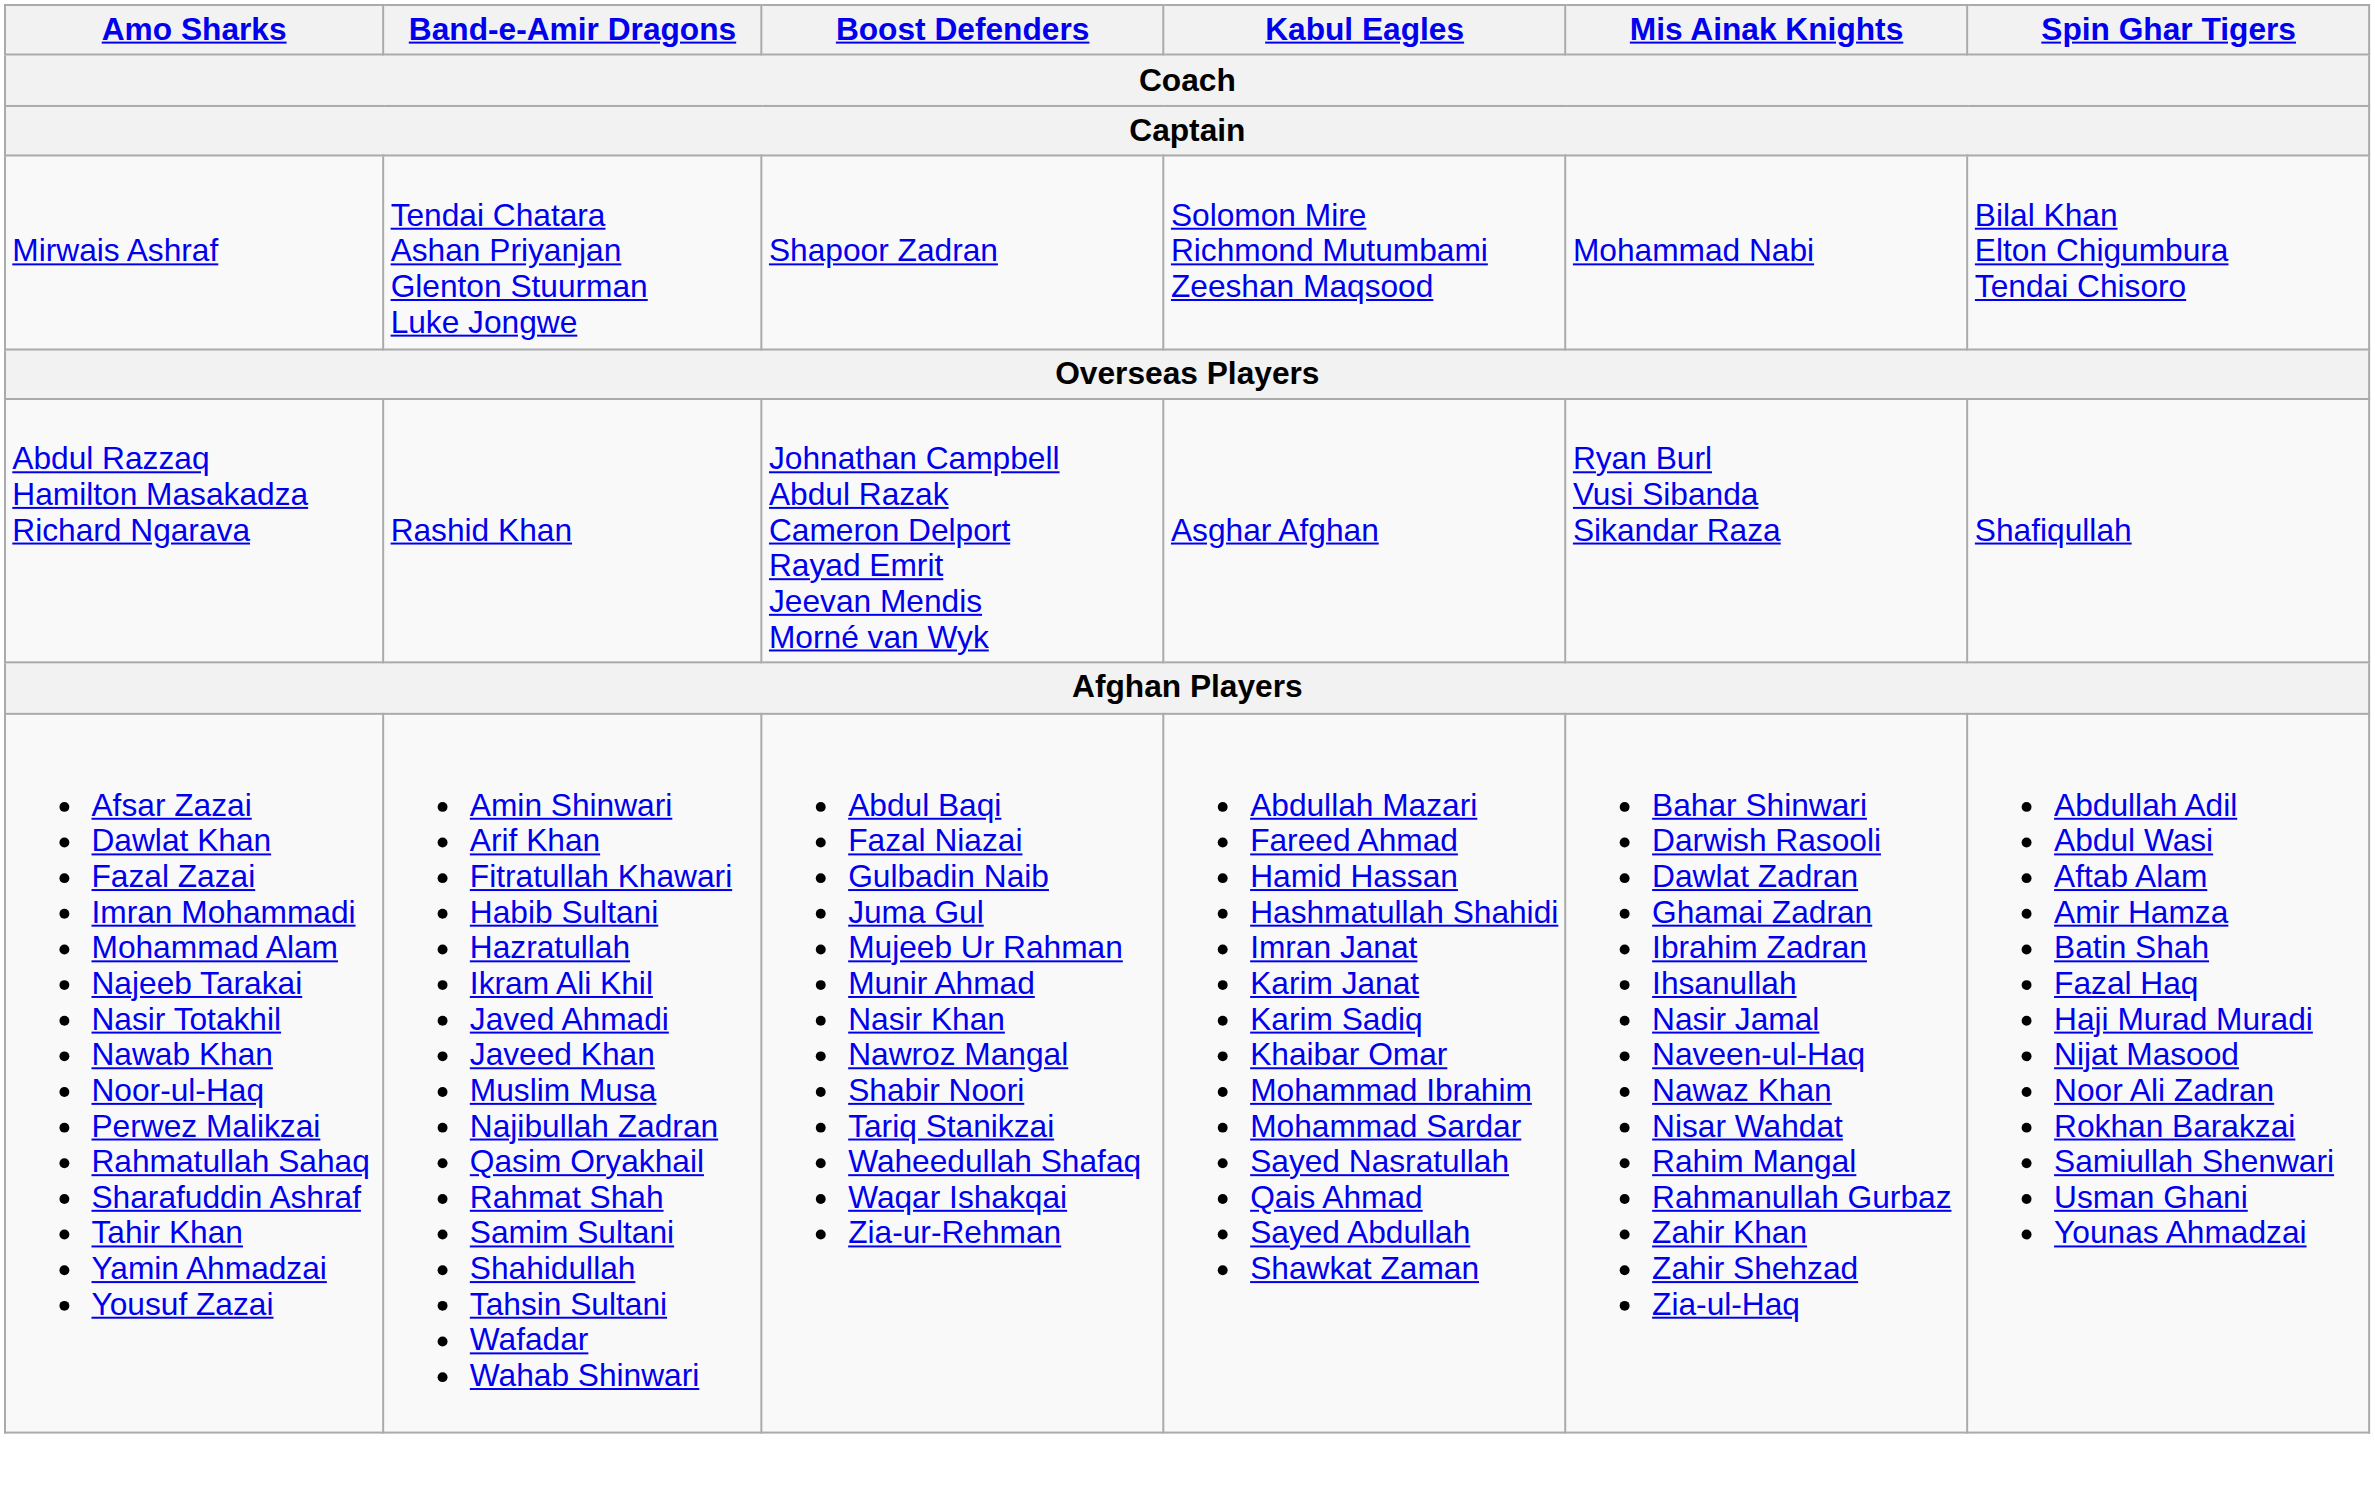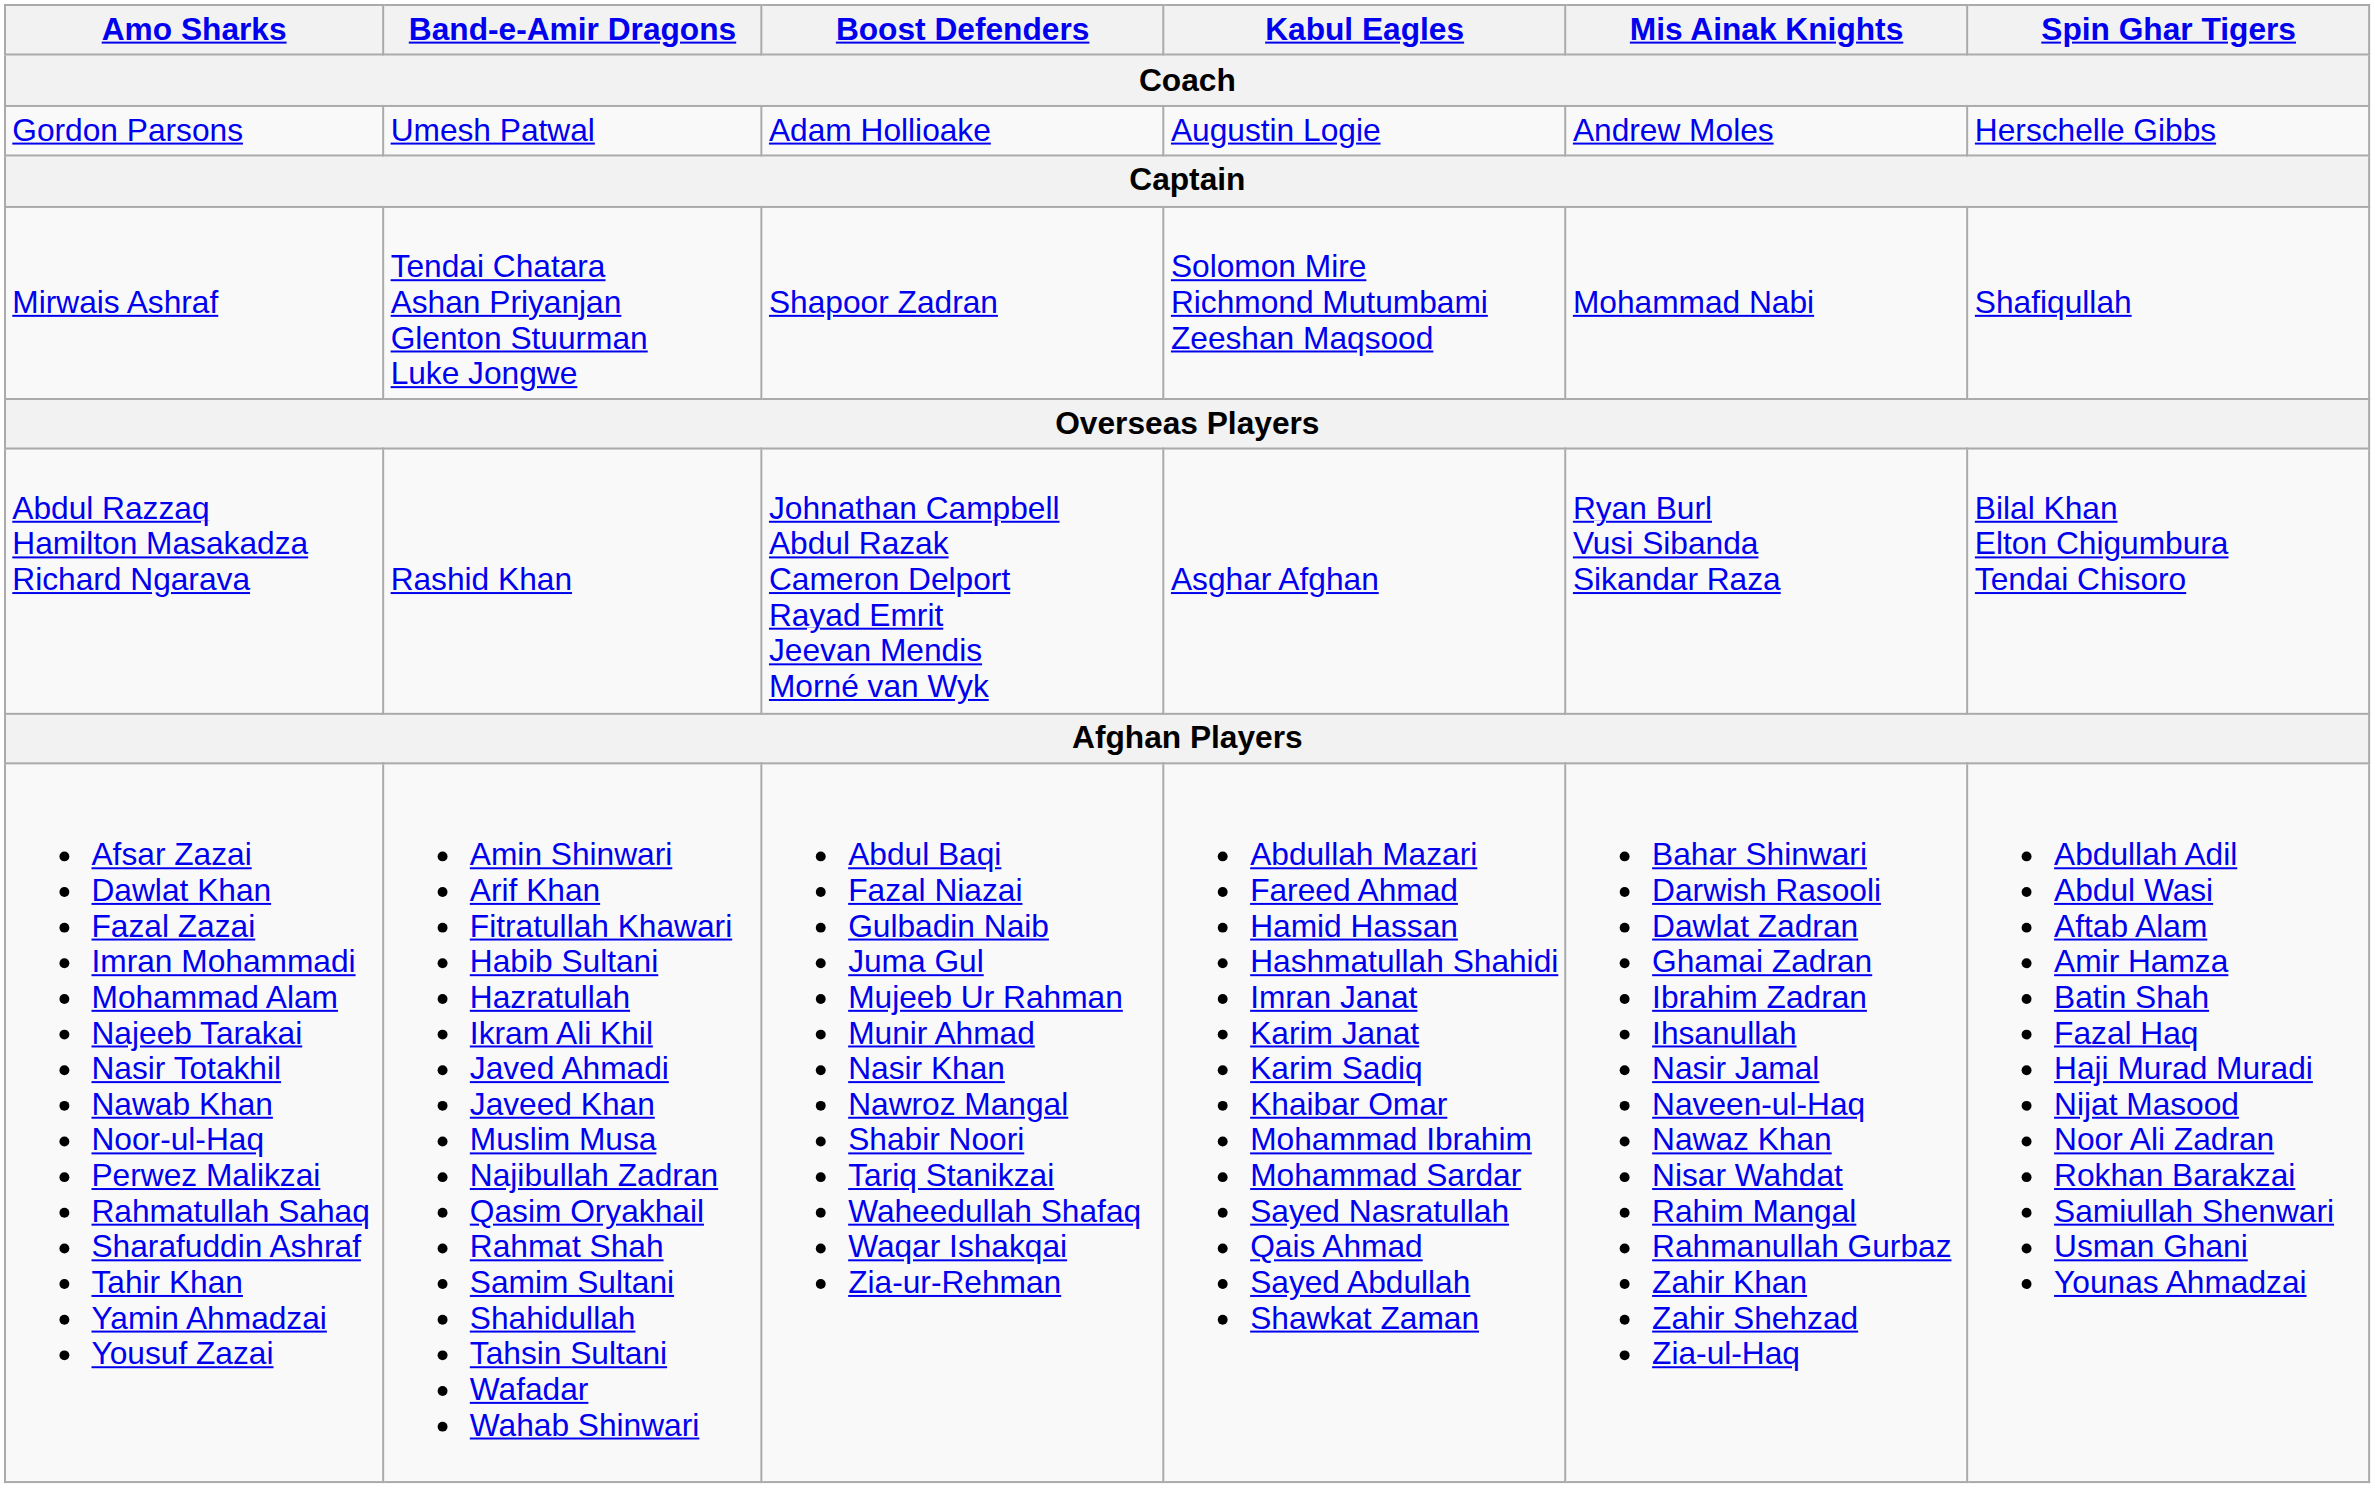 <table class="wikitable">
 <tr>
 <th width=16%><a href='#'>Amo Sharks</a></th>
 <th width=16%><a href='#'>Band-e-Amir Dragons</a></th>
 <th width=17%><a href='#'>Boost Defenders</a></th>
 <th width=17%><a href='#'>Kabul Eagles</a></th>
 <th width=17%><a href='#'>Mis Ainak Knights</a></th>
 <th width=17%><a href='#'>Spin Ghar Tigers</a></th>
 </tr>
 <tr>
 <th colspan="6">Coach</th>
 </tr>
 <tr>
+<td> <a href='#'>Gordon Parsons</a></td>
+<td> <a href='#'>Umesh Patwal</a></td>
+<td> <a href='#'>Adam Hollioake</a></td>
+<td> <a href='#'>Augustin Logie</a></td>
+<td> <a href='#'>Andrew Moles</a></td>
+<td> <a href='#'>Herschelle Gibbs</a></td>
+</tr>
+<tr>
 <th colspan="6">Captain</th>
 </tr>
 <tr>
 <td> <a href='#'>Mirwais Ashraf</a></td>
 <td style="vertical-align: top;"><br> <a href='#'>Tendai Chatara</a><br>  <a href='#'>Ashan Priyanjan</a><br>  <a href='#'>Glenton Stuurman</a><br>  <a href='#'>Luke Jongwe</a><br>  </td>
 <td> <a href='#'>Shapoor Zadran</a></td>
 <td style="vertical-align: top;"><br> <a href='#'>Solomon Mire</a><br>  <a href='#'>Richmond Mutumbami</a><br>  <a href='#'>Zeeshan Maqsood</a></td>
 <td> <a href='#'>Mohammad Nabi</a></td>
-<td style="vertical-align: top;"><br> <a href='#'>Bilal Khan</a><br>  <a href='#'>Elton Chigumbura</a><br>  <a href='#'>Tendai Chisoro</a><br>  </td>
+<td> <a href='#'>Shafiqullah</a></td>
 </tr>
 <tr>
 <th colspan="6">Overseas Players</th>
 </tr>
 <tr>
 <td style="vertical-align: top;"><br> <a href='#'>Abdul Razzaq</a><br>  <a href='#'>Hamilton Masakadza</a><br>  <a href='#'>Richard Ngarava</a></td>
 <td> <a href='#'>Rashid Khan</a></td>
 <td style="vertical-align: top;"><br> <a href='#'>Johnathan Campbell</a><br>  <a href='#'>Abdul Razak</a><br>  <a href='#'>Cameron Delport</a><br>  <a href='#'>Rayad Emrit</a><br>  <a href='#'>Jeevan Mendis</a><br>  <a href='#'>Morné van Wyk</a></td>
 <td> <a href='#'>Asghar Afghan</a></td>
 <td style="vertical-align: top;"><br> <a href='#'>Ryan Burl</a><br>  <a href='#'>Vusi Sibanda</a><br>  <a href='#'>Sikandar Raza</a></td>
-<td> <a href='#'>Shafiqullah</a></td>
+<td style="vertical-align: top;"><br> <a href='#'>Bilal Khan</a><br>  <a href='#'>Elton Chigumbura</a><br>  <a href='#'>Tendai Chisoro</a><br>  </td>
 </tr>
 <tr>
 <th colspan="6">Afghan Players</th>
 </tr>
 <tr>
 <td valign=top><br><ul><li><a href='#'>Afsar Zazai</a></li><li><a href='#'>Dawlat Khan</a></li><li><a href='#'>Fazal Zazai</a></li><li><a href='#'>Imran Mohammadi</a></li><li><a href='#'>Mohammad Alam</a></li><li><a href='#'>Najeeb Tarakai</a></li><li><a href='#'>Nasir Totakhil</a></li><li><a href='#'>Nawab Khan</a></li><li><a href='#'>Noor-ul-Haq</a></li><li><a href='#'>Perwez Malikzai</a></li><li><a href='#'>Rahmatullah Sahaq</a></li><li><a href='#'>Sharafuddin Ashraf</a></li><li><a href='#'>Tahir Khan</a></li><li><a href='#'>Yamin Ahmadzai</a></li><li><a href='#'>Yousuf Zazai</a></li></ul></td>
 <td valign=top><br><ul><li><a href='#'>Amin Shinwari</a></li><li><a href='#'>Arif Khan</a></li><li><a href='#'>Fitratullah Khawari</a></li><li><a href='#'>Habib Sultani</a></li><li><a href='#'>Hazratullah</a></li><li><a href='#'>Ikram Ali Khil</a></li><li><a href='#'>Javed Ahmadi</a></li><li><a href='#'>Javeed Khan</a></li><li><a href='#'>Muslim Musa</a></li><li><a href='#'>Najibullah Zadran</a></li><li><a href='#'>Qasim Oryakhail</a></li><li><a href='#'>Rahmat Shah</a></li><li><a href='#'>Samim Sultani</a></li><li><a href='#'>Shahidullah</a></li><li><a href='#'>Tahsin Sultani</a></li><li><a href='#'>Wafadar</a></li><li><a href='#'>Wahab Shinwari</a></li></ul></td>
 <td valign=top><br><ul><li><a href='#'>Abdul Baqi</a></li><li><a href='#'>Fazal Niazai</a></li><li><a href='#'>Gulbadin Naib</a></li><li><a href='#'>Juma Gul</a></li><li><a href='#'>Mujeeb Ur Rahman</a></li><li><a href='#'>Munir Ahmad</a></li><li><a href='#'>Nasir Khan</a></li><li><a href='#'>Nawroz Mangal</a></li><li><a href='#'>Shabir Noori</a></li><li><a href='#'>Tariq Stanikzai</a></li><li><a href='#'>Waheedullah Shafaq</a></li><li><a href='#'>Waqar Ishakqai</a></li><li><a href='#'>Zia-ur-Rehman</a></li></ul></td>
 <td valign=top><br><ul><li><a href='#'>Abdullah Mazari</a></li><li><a href='#'>Fareed Ahmad</a></li><li><a href='#'>Hamid Hassan</a></li><li><a href='#'>Hashmatullah Shahidi</a></li><li><a href='#'>Imran Janat</a></li><li><a href='#'>Karim Janat</a></li><li><a href='#'>Karim Sadiq</a></li><li><a href='#'>Khaibar Omar</a></li><li><a href='#'>Mohammad Ibrahim</a></li><li><a href='#'>Mohammad Sardar</a></li><li><a href='#'>Sayed Nasratullah</a></li><li><a href='#'>Qais Ahmad</a></li><li><a href='#'>Sayed Abdullah</a></li><li><a href='#'>Shawkat Zaman</a></li></ul></td>
 <td valign=top><br><ul><li><a href='#'>Bahar Shinwari</a></li><li><a href='#'>Darwish Rasooli</a></li><li><a href='#'>Dawlat Zadran</a></li><li><a href='#'>Ghamai Zadran</a></li><li><a href='#'>Ibrahim Zadran</a></li><li><a href='#'>Ihsanullah</a></li><li><a href='#'>Nasir Jamal</a></li><li><a href='#'>Naveen-ul-Haq</a></li><li><a href='#'>Nawaz Khan</a></li><li><a href='#'>Nisar Wahdat</a></li><li><a href='#'>Rahim Mangal</a></li><li><a href='#'>Rahmanullah Gurbaz</a></li><li><a href='#'>Zahir Khan</a></li><li><a href='#'>Zahir Shehzad</a></li><li><a href='#'>Zia-ul-Haq</a></li></ul></td>
 <td valign=top><br><ul><li><a href='#'>Abdullah Adil</a></li><li><a href='#'>Abdul Wasi</a></li><li><a href='#'>Aftab Alam</a></li><li><a href='#'>Amir Hamza</a></li><li><a href='#'>Batin Shah</a></li><li><a href='#'>Fazal Haq</a></li><li><a href='#'>Haji Murad Muradi</a></li><li><a href='#'>Nijat Masood</a></li><li><a href='#'>Noor Ali Zadran</a></li><li><a href='#'>Rokhan Barakzai</a></li><li><a href='#'>Samiullah Shenwari</a></li><li><a href='#'>Usman Ghani</a></li><li><a href='#'>Younas Ahmadzai</a></li></ul></td>
 </tr>
 </table>
